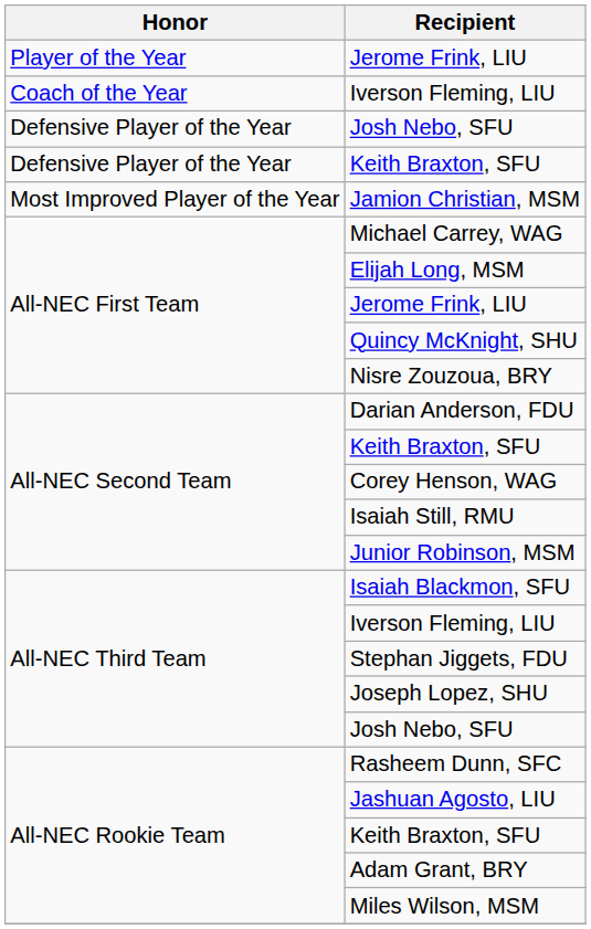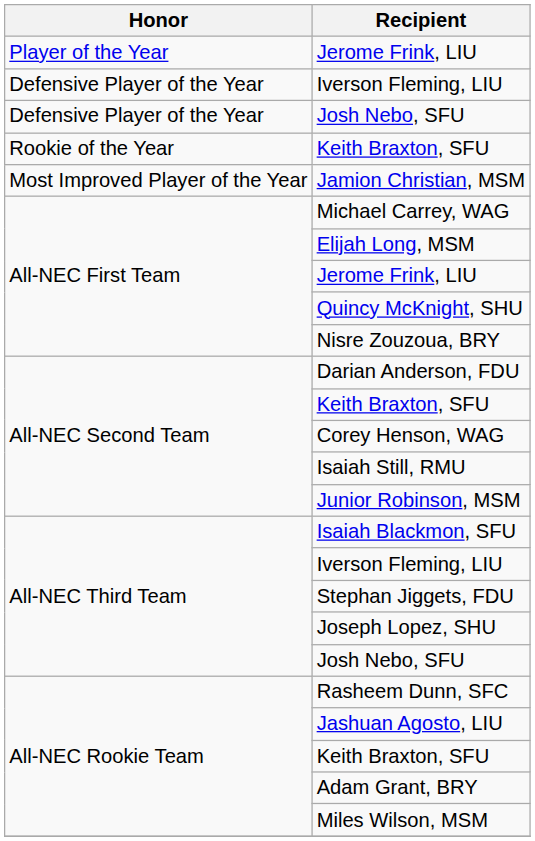 <table class="wikitable" border="1">
 <tr>
 <th>Honor</th>
 <th>Recipient</th>
 </tr>
 <tr>
 <td><a href='#'>Player of the Year</a></td>
 <td><a href='#'>Jerome Frink</a>, LIU</td>
 </tr>
 <tr>
-<td><a href='#'>Coach of the Year</a></td>
+<td>Defensive Player of the Year</td>
 <td>Iverson Fleming, LIU</td>
 </tr>
 <tr>
 <td>Defensive Player of the Year</td>
 <td><a href='#'>Josh Nebo</a>, SFU</td>
 </tr>
 <tr>
-<td>Defensive Player of the Year</td>
+<td>Rookie of the Year</td>
 <td><a href='#'>Keith Braxton</a>, SFU</td>
 </tr>
 <tr>
 <td>Most Improved Player of the Year</td>
 <td><a href='#'>Jamion Christian</a>, MSM</td>
 </tr>
 <tr>
 <td rowspan="5" valign="middle">All-NEC First Team</td>
 <td>Michael Carrey, WAG</td>
 </tr>
 <tr>
 <td><a href='#'>Elijah Long</a>, MSM</td>
 </tr>
 <tr>
 <td><a href='#'>Jerome Frink</a>, LIU</td>
 </tr>
 <tr>
 <td><a href='#'>Quincy McKnight</a>, SHU</td>
 </tr>
 <tr>
 <td>Nisre Zouzoua, BRY</td>
 </tr>
 <tr>
 <td rowspan="5" valign="middle">All-NEC Second Team</td>
 <td>Darian Anderson, FDU</td>
 </tr>
 <tr>
 <td><a href='#'>Keith Braxton</a>, SFU</td>
 </tr>
 <tr>
 <td>Corey Henson, WAG</td>
 </tr>
 <tr>
 <td>Isaiah Still, RMU</td>
 </tr>
 <tr>
 <td><a href='#'>Junior Robinson</a>, MSM</td>
 </tr>
 <tr>
 <td rowspan="5" valign="middle">All-NEC Third Team</td>
 <td><a href='#'>Isaiah Blackmon</a>, SFU</td>
 </tr>
 <tr>
 <td>Iverson Fleming, LIU</td>
 </tr>
 <tr>
 <td>Stephan Jiggets, FDU</td>
 </tr>
 <tr>
 <td>Joseph Lopez, SHU</td>
 </tr>
 <tr>
 <td>Josh Nebo, SFU</td>
 </tr>
 <tr>
 <td rowspan="5" valign="middle">All-NEC Rookie Team</td>
 <td>Rasheem Dunn, SFC</td>
 </tr>
 <tr>
 <td><a href='#'>Jashuan Agosto</a>, LIU</td>
 </tr>
 <tr>
 <td>Keith Braxton, SFU</td>
 </tr>
 <tr>
 <td>Adam Grant, BRY</td>
 </tr>
 <tr>
 <td>Miles Wilson, MSM</td>
 </tr>
 <tr>
 </tr>
 </table>
